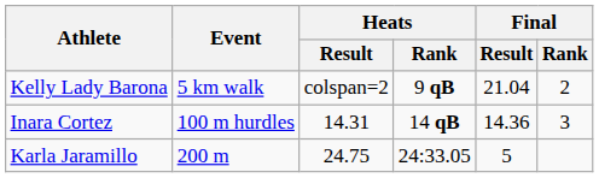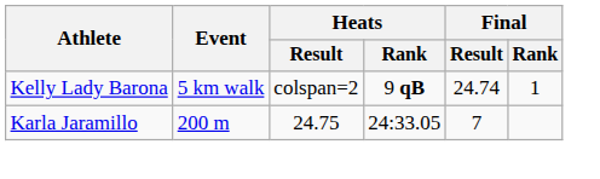 <table class="wikitable" style="font-size:90%">
 <tr>
 <th rowspan=2>Athlete</th>
 <th rowspan=2>Event</th>
 <th colspan=2>Heats</th>
 <th colspan=2>Final</th>
 </tr>
 <tr style="font-size:95%">
 <th>Result</th>
 <th>Rank</th>
 <th>Result</th>
 <th>Rank</th>
 </tr>
 <tr align=center>
 <td align=left><a href='#'>Kelly Lady Barona</a></td>
 <td align=left><a href='#'>5 km walk</a></td>
 <td>colspan=2 </td>
 <td>9 <strong>qB</strong></td>
-<td>21.04</td>
-<td>2</td>
-</tr>
-<tr align=center>
-<td align=left><a href='#'>Inara Cortez</a></td>
-<td align=left><a href='#'>100 m hurdles</a></td>
-<td>14.31</td>
-<td>14 <strong>qB</strong></td>
-<td>14.36</td>
-<td>3</td>
+<td>24.74</td>
+<td>1</td>
 </tr>
 <tr align=center>
 <td align=left><a href='#'>Karla Jaramillo</a></td>
 <td align=left><a href='#'>200 m</a></td>
 <td>24.75</td>
 <td>24:33.05</td>
-<td>5</td>
+<td>7</td>
 </tr>
 </table>
